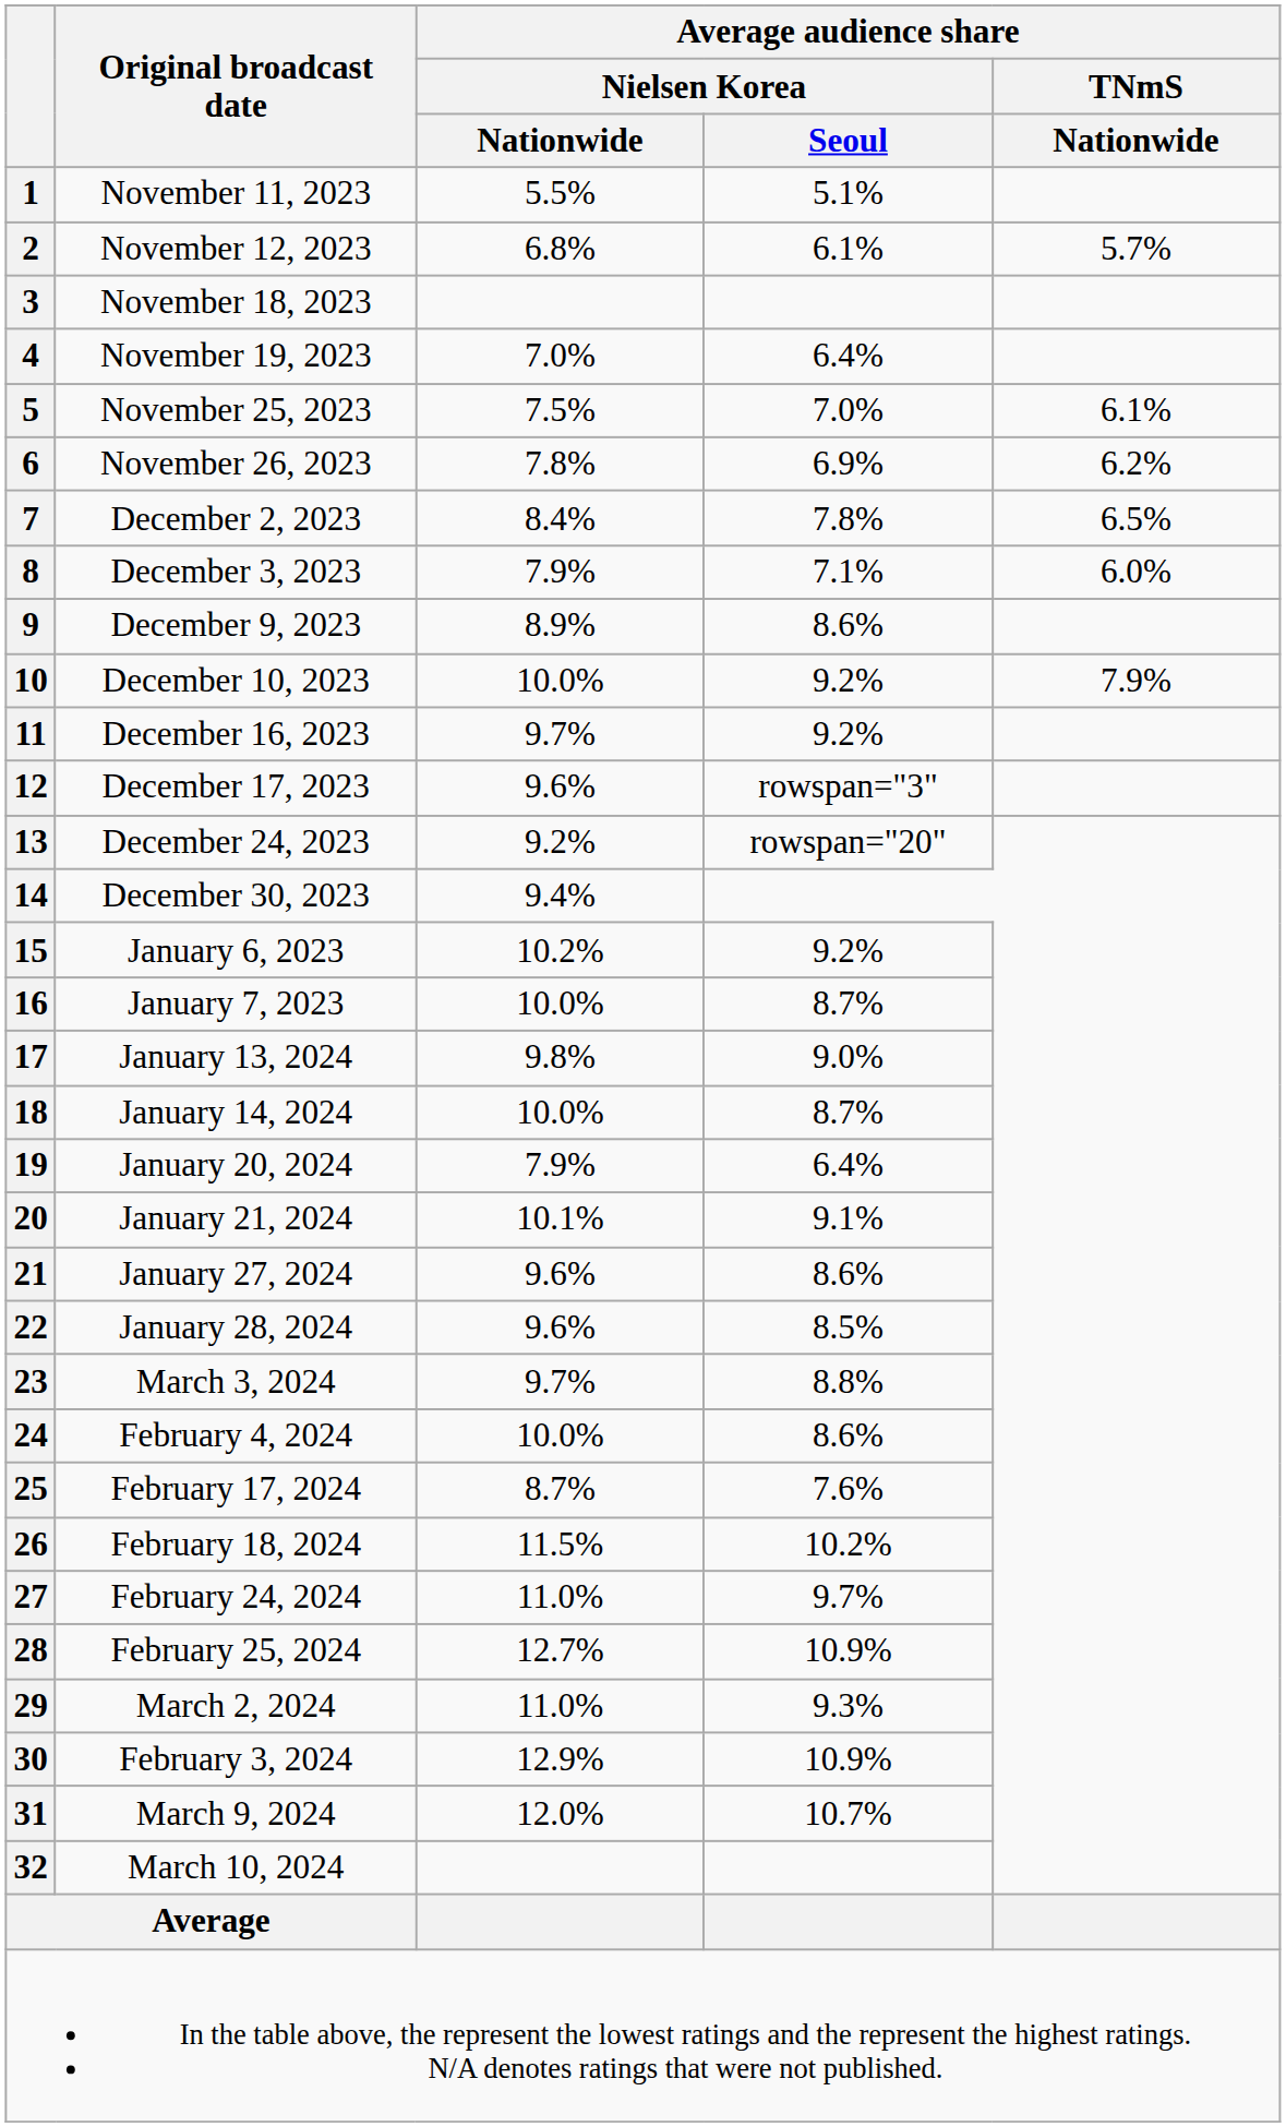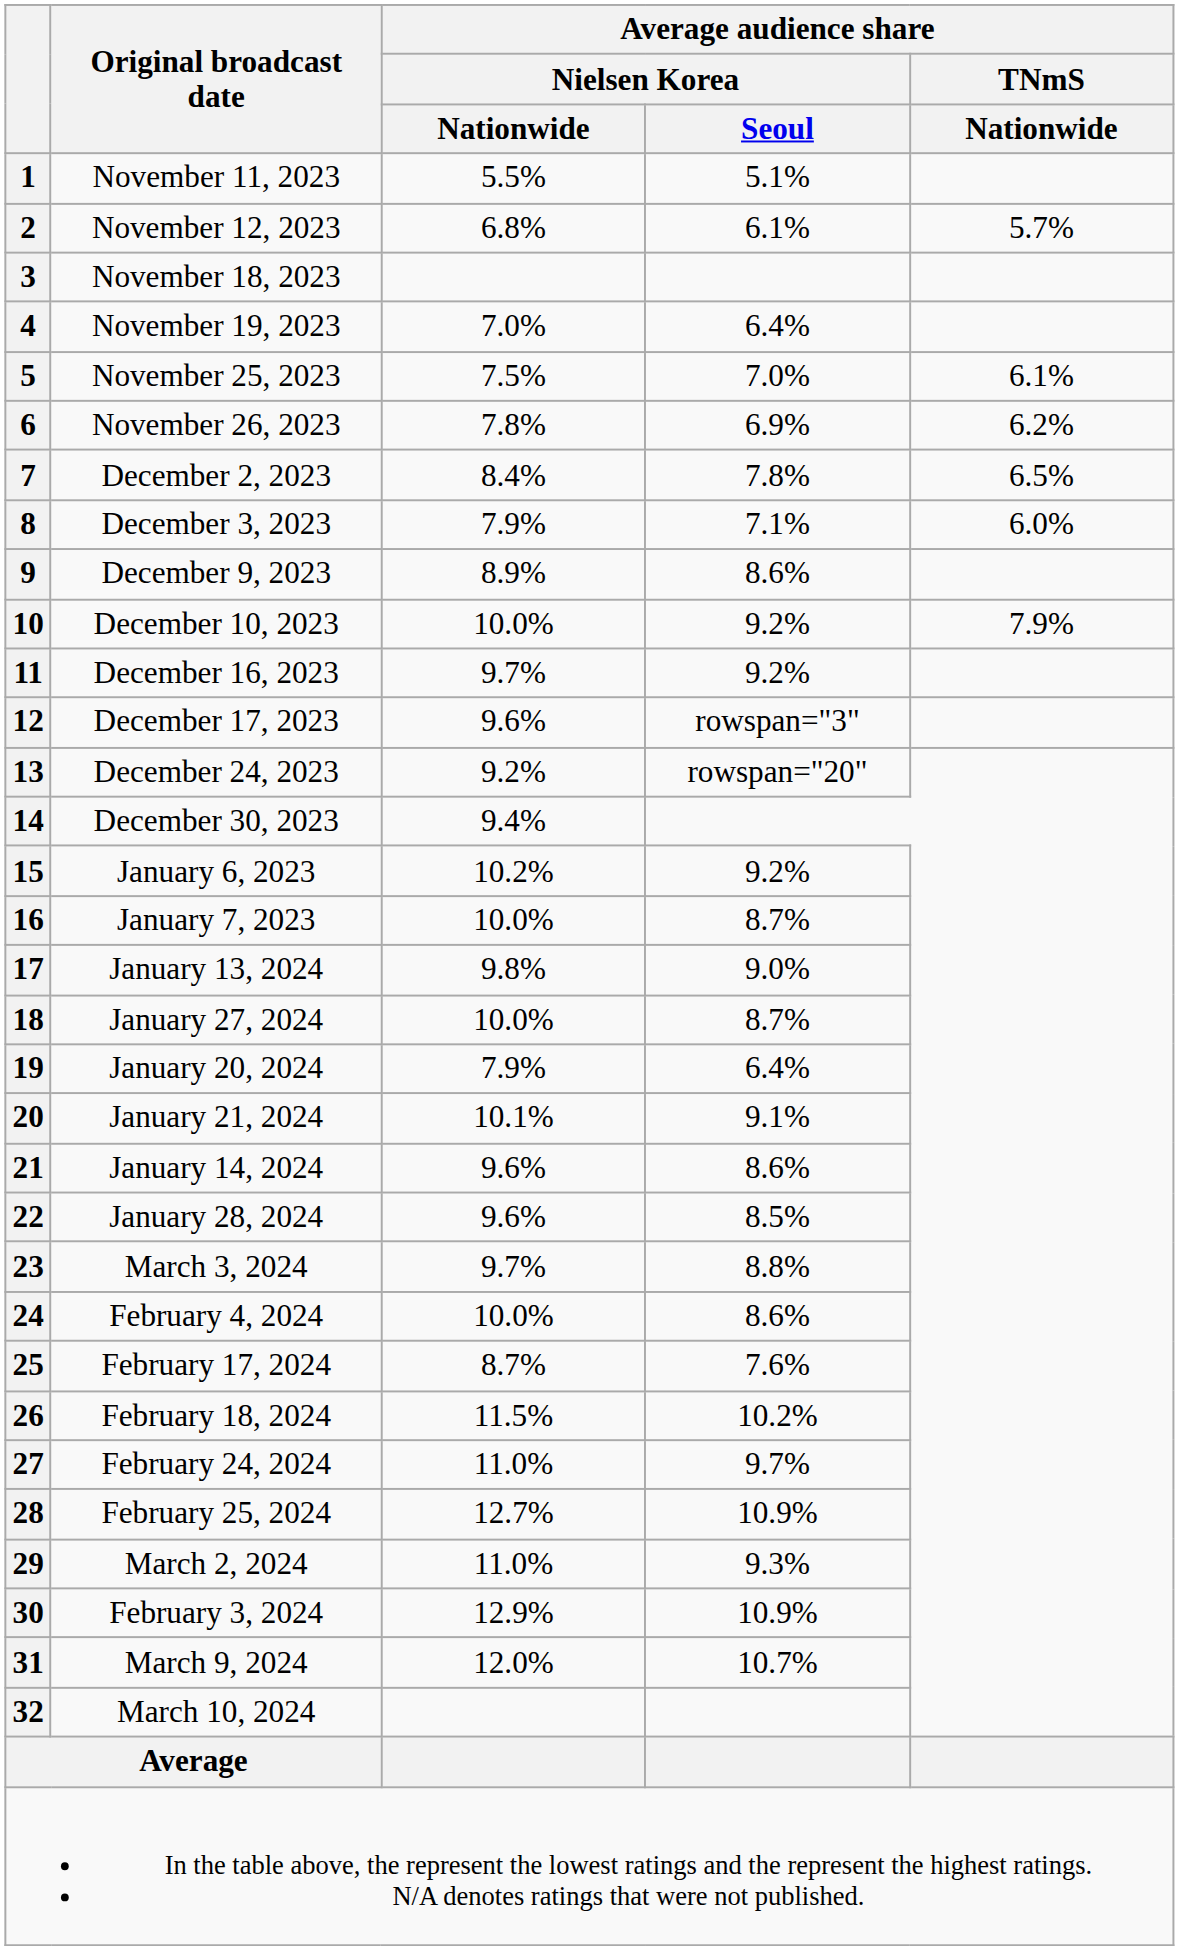 <table class="wikitable" style="margin-left:auto; margin-right:auto; width:600px; text-align:center">
 <tr>
 <th scope="col" rowspan="3"></th>
 <th scope="col" rowspan="3">Original broadcast date</th>
 <th scope="col" colspan="3">Average audience share</th>
 </tr>
 <tr>
 <th scope="col" colspan="2">Nielsen Korea</th>
 <th scope="col">TNmS</th>
 </tr>
 <tr>
 <th scope="col" style="width:8em">Nationwide</th>
 <th scope="col" style="width:8em"><a href='#'>Seoul</a></th>
 <th scope="col" style="width:8em">Nationwide</th>
 </tr>
 <tr>
 <th scope="col">1</th>
 <td>November 11, 2023</td>
 <td>5.5% </td>
 <td>5.1% </td>
 <td></td>
 </tr>
 <tr>
 <th scope="col">2</th>
 <td>November 12, 2023</td>
 <td>6.8% </td>
 <td>6.1% </td>
 <td>5.7% </td>
 </tr>
 <tr>
 <th scope="col">3</th>
 <td>November 18, 2023</td>
 <td><strong></strong> </td>
 <td><strong></strong> </td>
 <td></td>
 </tr>
 <tr>
 <th scope="col">4</th>
 <td>November 19, 2023</td>
 <td>7.0% </td>
 <td>6.4% </td>
 <td><strong></strong> </td>
 </tr>
 <tr>
 <th scope="col">5</th>
 <td>November 25, 2023</td>
 <td>7.5% </td>
 <td>7.0% </td>
 <td>6.1% </td>
 </tr>
 <tr>
 <th scope="col">6</th>
 <td>November 26, 2023</td>
 <td>7.8% </td>
 <td>6.9% </td>
 <td>6.2% </td>
 </tr>
 <tr>
 <th scope="col">7</th>
 <td>December 2, 2023</td>
 <td>8.4% </td>
 <td>7.8% </td>
 <td>6.5% </td>
 </tr>
 <tr>
 <th scope="col">8</th>
 <td>December 3, 2023</td>
 <td>7.9% </td>
 <td>7.1% </td>
 <td>6.0% </td>
 </tr>
 <tr>
 <th scope="col">9</th>
 <td>December 9, 2023</td>
 <td>8.9% </td>
 <td>8.6% </td>
 <td></td>
 </tr>
 <tr>
 <th scope="col">10</th>
 <td>December 10, 2023</td>
 <td>10.0% </td>
 <td>9.2% </td>
 <td>7.9% </td>
 </tr>
 <tr>
 <th scope="col">11</th>
 <td>December 16, 2023</td>
 <td>9.7% </td>
 <td>9.2% </td>
 <td></td>
 </tr>
 <tr>
 <th scope="col">12</th>
 <td>December 17, 2023</td>
 <td>9.6% </td>
 <td>rowspan="3" </td>
 <td><strong></strong> </td>
 </tr>
 <tr>
 <th scope="col">13</th>
 <td>December 24, 2023</td>
 <td>9.2% </td>
 <td>rowspan="20" </td>
 </tr>
 <tr>
 <th scope="col">14</th>
 <td>December 30, 2023</td>
 <td>9.4% </td>
 </tr>
 <tr>
 <th scope="col">15</th>
 <td>January 6, 2023</td>
 <td>10.2% </td>
 <td>9.2% </td>
 </tr>
 <tr>
 <th scope="col">16</th>
 <td>January 7, 2023</td>
 <td>10.0% </td>
 <td>8.7% </td>
 </tr>
 <tr>
 <th scope="col">17</th>
 <td>January 13, 2024</td>
 <td>9.8% </td>
 <td>9.0% </td>
 </tr>
 <tr>
 <th scope="col">18</th>
-<td>January 14, 2024</td>
+<td>January 27, 2024</td>
 <td>10.0% </td>
 <td>8.7% </td>
 </tr>
 <tr>
 <th scope="col">19</th>
 <td>January 20, 2024</td>
 <td>7.9% </td>
 <td>6.4% </td>
 </tr>
 <tr>
 <th scope="col">20</th>
 <td>January 21, 2024</td>
 <td>10.1% </td>
 <td>9.1% </td>
 </tr>
 <tr>
 <th scope="col">21</th>
-<td>January 27, 2024</td>
+<td>January 14, 2024</td>
 <td>9.6% </td>
 <td>8.6% </td>
 </tr>
 <tr>
 <th scope="col">22</th>
 <td>January 28, 2024</td>
 <td>9.6% </td>
 <td>8.5% </td>
 </tr>
 <tr>
 <th scope="col">23</th>
 <td>March 3, 2024</td>
 <td>9.7% </td>
 <td>8.8% </td>
 </tr>
 <tr>
 <th scope="col">24</th>
 <td>February 4, 2024</td>
 <td>10.0% </td>
 <td>8.6% </td>
 </tr>
 <tr>
 <th scope="col">25</th>
 <td>February 17, 2024</td>
 <td>8.7% </td>
 <td>7.6% </td>
 </tr>
 <tr>
 <th scope="col">26</th>
 <td>February 18, 2024</td>
 <td>11.5% </td>
 <td>10.2% </td>
 </tr>
 <tr>
 <th scope="col">27</th>
 <td>February 24, 2024</td>
 <td>11.0% </td>
 <td>9.7% </td>
 </tr>
 <tr>
 <th scope="col">28</th>
 <td>February 25, 2024</td>
 <td>12.7% </td>
 <td>10.9% </td>
 </tr>
 <tr>
 <th scope="col">29</th>
 <td>March 2, 2024</td>
 <td>11.0% </td>
 <td>9.3% </td>
 </tr>
 <tr>
 <th scope="col">30</th>
 <td>February 3, 2024</td>
 <td>12.9% </td>
 <td>10.9% </td>
 </tr>
 <tr>
 <th scope="col">31</th>
 <td>March 9, 2024</td>
 <td>12.0% </td>
 <td>10.7% </td>
 </tr>
 <tr>
 <th scope="col">32</th>
 <td>March 10, 2024</td>
 <td><strong></strong> </td>
 <td><strong></strong> </td>
 </tr>
 <tr>
 <th scope="col" colspan="2">Average</th>
 <th scope="col"></th>
 <th scope="col"></th>
 <th scope="col"></th>
 </tr>
 <tr>
 <td colspan="5" style="font-size:85%"><br><ul><li>In the table above, the <strong></strong> represent the lowest ratings and the <strong></strong> represent the highest ratings.</li><li>N/A denotes ratings that were not published.</li></ul></td>
 </tr>
 </table>
